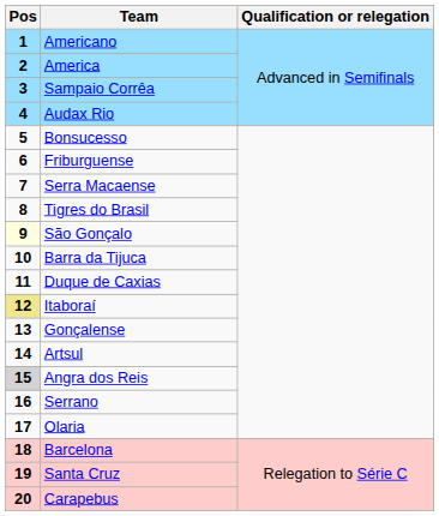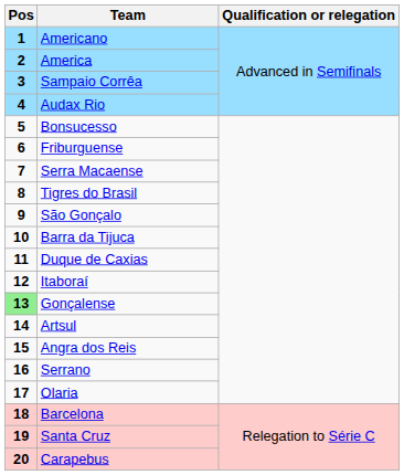 <table class="wikitable" style="text-align:center;">
 <tr bgcolor="#CCDDEE">
 <th width="30">Pos</th>
 <th width="200">Team</th>
 <th width="200">Qualification or relegation</th>
 </tr>
 <tr bgcolor="#97DEFF">
 <td><strong>1</strong></td>
 <td align="left"><a href='#'>Americano</a></td>
 <td rowspan="4" bgcolor="#97DEFF">Advanced in <a href='#'>Semifinals</a></td>
 </tr>
 <tr bgcolor="#97DEFF">
 <td><strong>2</strong></td>
 <td align="left"><a href='#'>America</a></td>
 </tr>
 <tr bgcolor="#97DEFF">
 <td><strong>3</strong></td>
 <td align="left"><a href='#'>Sampaio Corrêa</a></td>
 </tr>
 <tr bgcolor="#97DEFF">
 <td><strong>4</strong></td>
 <td align="left"><a href='#'>Audax Rio</a></td>
 </tr>
 <tr>
 <td><strong>5</strong></td>
 <td align="left"><a href='#'>Bonsucesso</a></td>
 <td rowspan="13"></td>
 </tr>
 <tr>
 <td><strong>6</strong></td>
 <td align="left"><a href='#'>Friburguense</a></td>
 </tr>
 <tr>
 <td><strong>7</strong></td>
 <td align="left"><a href='#'>Serra Macaense</a></td>
 </tr>
 <tr>
 <td><strong>8</strong></td>
 <td align="left"><a href='#'>Tigres do Brasil</a></td>
 </tr>
 <tr>
-<td style="background: lightyellow;"><strong>9</strong></td>
+<td><strong>9</strong></td>
 <td align="left"><a href='#'>São Gonçalo</a></td>
 </tr>
 <tr>
 <td><strong>10</strong></td>
 <td align="left"><a href='#'>Barra da Tijuca</a></td>
 </tr>
 <tr>
 <td><strong>11</strong></td>
 <td align="left"><a href='#'>Duque de Caxias</a></td>
 </tr>
 <tr>
-<td style="background: khaki;"><strong>12</strong></td>
+<td><strong>12</strong></td>
 <td align="left"><a href='#'>Itaboraí</a></td>
 </tr>
 <tr>
-<td><strong>13</strong></td>
+<td style="background: lightgreen;"><strong>13</strong></td>
 <td align="left"><a href='#'>Gonçalense</a></td>
 </tr>
 <tr>
 <td><strong>14</strong></td>
 <td align="left"><a href='#'>Artsul</a></td>
 </tr>
 <tr>
-<td style="background: lightgrey;"><strong>15</strong></td>
+<td><strong>15</strong></td>
 <td align="left"><a href='#'>Angra dos Reis</a></td>
 </tr>
 <tr>
 <td><strong>16</strong></td>
 <td align="left"><a href='#'>Serrano</a></td>
 </tr>
 <tr>
 <td><strong>17</strong></td>
 <td align="left"><a href='#'>Olaria</a></td>
 </tr>
 <tr bgcolor="#FFCCCC">
 <td><strong>18</strong></td>
 <td align="left"><a href='#'>Barcelona</a></td>
 <td rowspan="3" bgcolor="#FFCCCC">Relegation to <a href='#'>Série C</a></td>
 </tr>
 <tr bgcolor="#FFCCCC">
 <td><strong>19</strong></td>
 <td align="left"><a href='#'>Santa Cruz</a></td>
 </tr>
 <tr bgcolor="#FFCCCC">
 <td><strong>20</strong></td>
 <td align="left"><a href='#'>Carapebus</a></td>
 </tr>
 </table>
